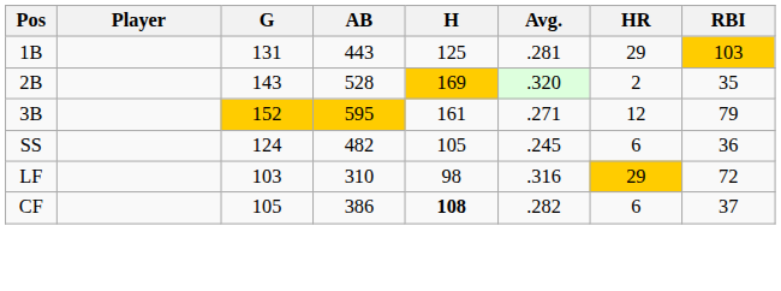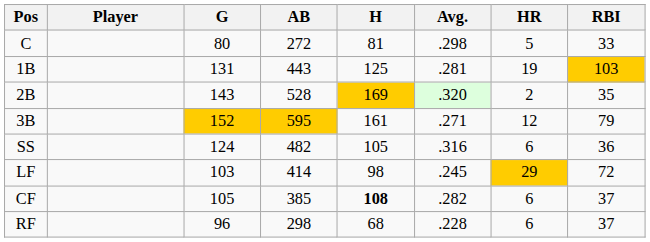 <table class="wikitable sortable">
 <tr>
 <th bgcolor="#DDDDFF" width="5%">Pos</th>
 <th bgcolor="#DDDDFF" width="16%">Player</th>
 <th bgcolor="#DDDDFF" width="9%">G</th>
 <th bgcolor="#DDDDFF" width="9%">AB</th>
 <th bgcolor="#DDDDFF" width="9%">H</th>
 <th bgcolor="#DDDDFF" width="9%">Avg.</th>
 <th bgcolor="#DDDDFF" width="9%">HR</th>
 <th bgcolor="#DDDDFF" width="9%">RBI</th>
 </tr>
 <tr align="center">
+<td>C</td>
+<td></td>
+<td>80</td>
+<td>272</td>
+<td>81</td>
+<td>.298</td>
+<td>5</td>
+<td>33</td>
+</tr>
+<tr align="center">
 <td>1B</td>
 <td></td>
 <td>131</td>
 <td>443</td>
 <td>125</td>
 <td>.281</td>
-<td>29</td>
+<td>19</td>
 <td style="background:#fc0;">103</td>
 </tr>
 <tr align="center">
 <td>2B</td>
 <td></td>
 <td>143</td>
 <td>528</td>
 <td style="background:#fc0;">169</td>
 <td style="background:#DDFFDD;">.320</td>
 <td>2</td>
 <td>35</td>
 </tr>
 <tr align="center">
 <td>3B</td>
 <td></td>
 <td style="background:#fc0;">152</td>
 <td style="background:#fc0;">595</td>
 <td>161</td>
 <td>.271</td>
 <td>12</td>
 <td>79</td>
 </tr>
 <tr align="center">
 <td>SS</td>
 <td></td>
 <td>124</td>
 <td>482</td>
 <td>105</td>
-<td>.245</td>
+<td>.316</td>
 <td>6</td>
 <td>36</td>
 </tr>
 <tr align="center">
 <td>LF</td>
 <td></td>
 <td>103</td>
-<td>310</td>
+<td>414</td>
 <td>98</td>
-<td>.316</td>
+<td>.245</td>
 <td style="background:#fc0;">29</td>
 <td>72</td>
 </tr>
 <tr align="center">
 <td>CF</td>
 <td></td>
 <td>105</td>
-<td>386</td>
+<td>385</td>
 <td><strong>108</strong></td>
 <td>.282</td>
 <td>6</td>
 <td>37</td>
 </tr>
+<tr align="center">
+<td>RF</td>
+<td></td>
+<td>96</td>
+<td>298</td>
+<td>68</td>
+<td>.228</td>
+<td>6</td>
+<td>37</td>
+</tr>
 </table>
